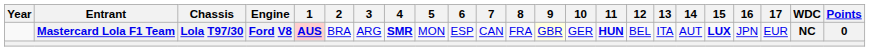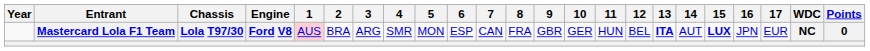 <table class="wikitable" style="text-align:center; font-size:85%">
 <tr>
 <th>Year</th>
 <th>Entrant</th>
 <th>Chassis</th>
 <th>Engine</th>
 <th>1</th>
 <th>2</th>
 <th>3</th>
 <th>4</th>
 <th>5</th>
 <th>6</th>
 <th>7</th>
 <th>8</th>
 <th>9</th>
 <th>10</th>
 <th>11</th>
 <th>12</th>
 <th>13</th>
 <th>14</th>
 <th>15</th>
 <th>16</th>
 <th>17</th>
 <th>WDC</th>
 <th><a href='#'>Points</a></th>
 </tr>
 <tr>
 <td></td>
 <th nowrap><a href='#'>Mastercard Lola F1 Team</a></th>
 <th nowrap><a href='#'>Lola</a> <a href='#'>T97/30</a></th>
 <th nowrap><a href='#'>Ford</a> <a href='#'>V8</a></th>
-<td style="background:#FFCFCF;"><strong><a href='#'>AUS</a><br></strong></td>
+<td style="background:#FFCFCF;"><a href='#'>AUS</a><br></td>
 <td><a href='#'>BRA</a></td>
 <td><a href='#'>ARG</a></td>
-<td><strong><a href='#'>SMR</a></strong></td>
+<td><a href='#'>SMR</a></td>
 <td><a href='#'>MON</a></td>
 <td><a href='#'>ESP</a></td>
 <td><a href='#'>CAN</a></td>
 <td><a href='#'>FRA</a></td>
-<td style="background: lightyellow;"><a href='#'>GBR</a></td>
+<td><a href='#'>GBR</a></td>
 <td><a href='#'>GER</a></td>
-<td><strong><a href='#'>HUN</a></strong></td>
+<td><a href='#'>HUN</a></td>
 <td><a href='#'>BEL</a></td>
-<td><a href='#'>ITA</a></td>
+<td><strong><a href='#'>ITA</a></strong></td>
 <td><a href='#'>AUT</a></td>
 <td><strong><a href='#'>LUX</a></strong></td>
 <td><a href='#'>JPN</a></td>
 <td><a href='#'>EUR</a></td>
 <th>NC</th>
 <th>0</th>
 </tr>
 <tr>
 <th colspan="23"></th>
 </tr>
 </table>
